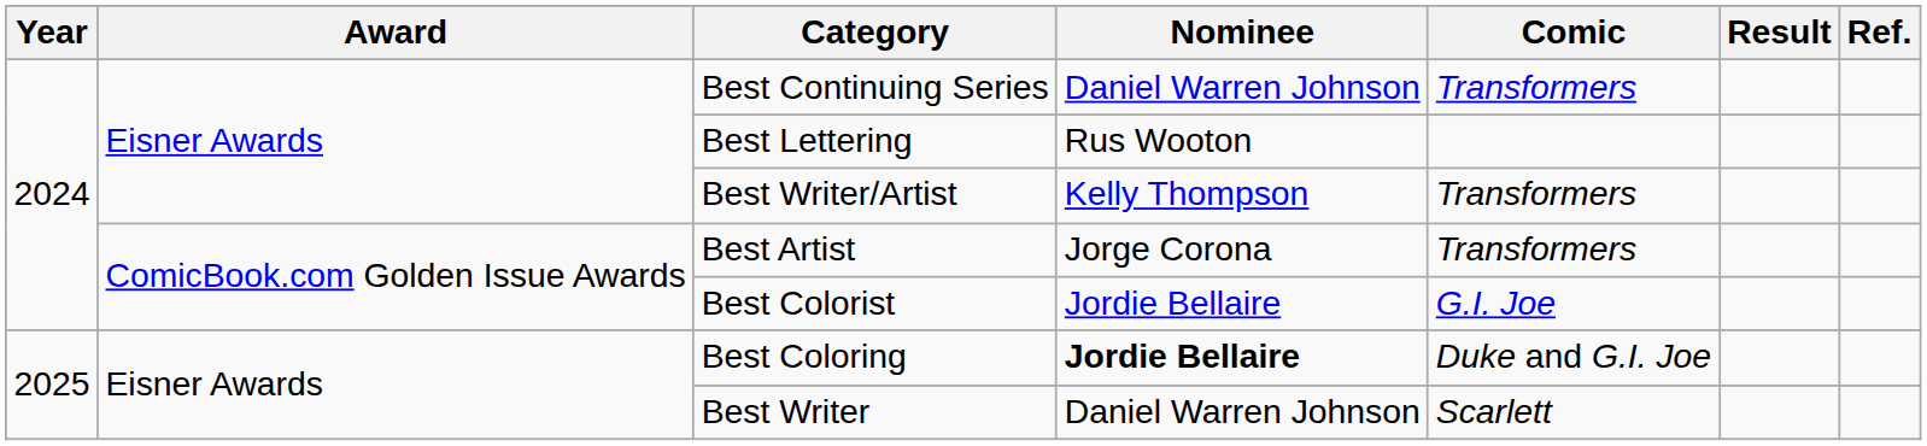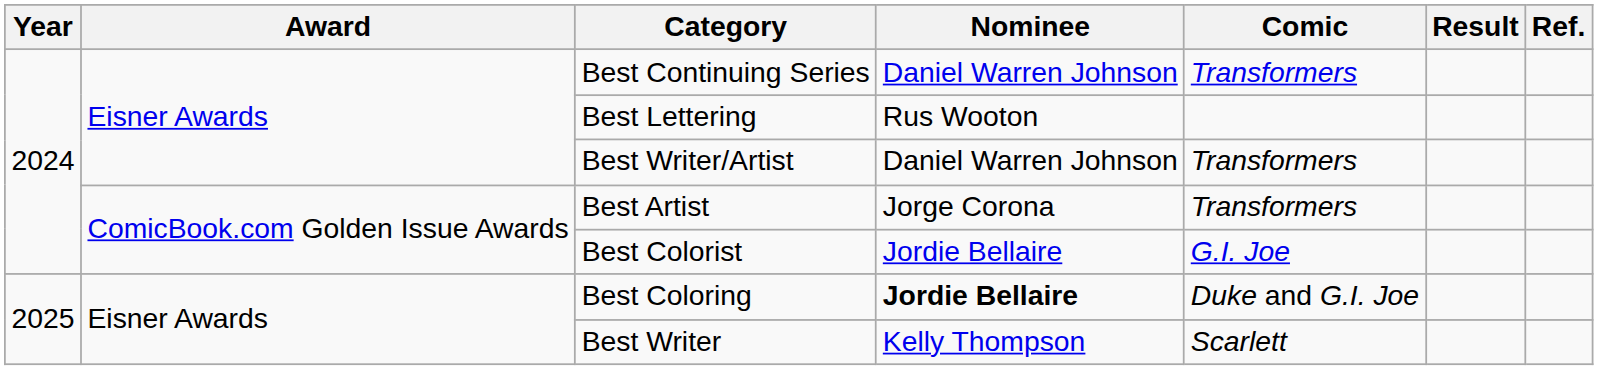 <table class="wikitable">
 <tr>
 <th>Year</th>
 <th>Award</th>
 <th><strong>Category</strong></th>
 <th>Nominee</th>
 <th>Comic</th>
 <th>Result</th>
 <th>Ref.</th>
 </tr>
 <tr>
 <td rowspan="5">2024</td>
 <td rowspan="3"><a href='#'>Eisner Awards</a></td>
 <td>Best Continuing Series</td>
 <td><a href='#'>Daniel Warren Johnson</a></td>
 <td><em><a href='#'>Transformers</a></em></td>
 <td></td>
 <td></td>
 </tr>
 <tr>
 <td>Best Lettering</td>
 <td>Rus Wooton</td>
 <td></td>
 <td></td>
 <td></td>
 </tr>
 <tr>
 <td>Best Writer/Artist</td>
-<td><a href='#'>Kelly Thompson</a></td>
+<td>Daniel Warren Johnson</td>
 <td><em>Transformers</em></td>
 <td></td>
 <td></td>
 </tr>
 <tr>
 <td rowspan="2"><a href='#'>ComicBook.com</a> Golden Issue Awards</td>
 <td>Best Artist</td>
 <td>Jorge Corona</td>
 <td><em>Transformers</em></td>
 <td></td>
 <td></td>
 </tr>
 <tr>
 <td>Best Colorist</td>
 <td><a href='#'>Jordie Bellaire</a></td>
 <td><em><a href='#'>G.I. Joe</a></em></td>
 <td></td>
 <td></td>
 </tr>
 <tr>
 <td rowspan="2">2025</td>
 <td rowspan="2">Eisner Awards</td>
 <td>Best Coloring</td>
 <td><strong>Jordie Bellaire</strong></td>
 <td><em>Duke</em> and <em>G.I. Joe</em></td>
 <td></td>
 <td></td>
 </tr>
 <tr>
 <td>Best Writer</td>
-<td>Daniel Warren Johnson</td>
+<td><a href='#'>Kelly Thompson</a></td>
 <td><em>Scarlett</em></td>
 <td></td>
 <td></td>
 </tr>
 </table>
